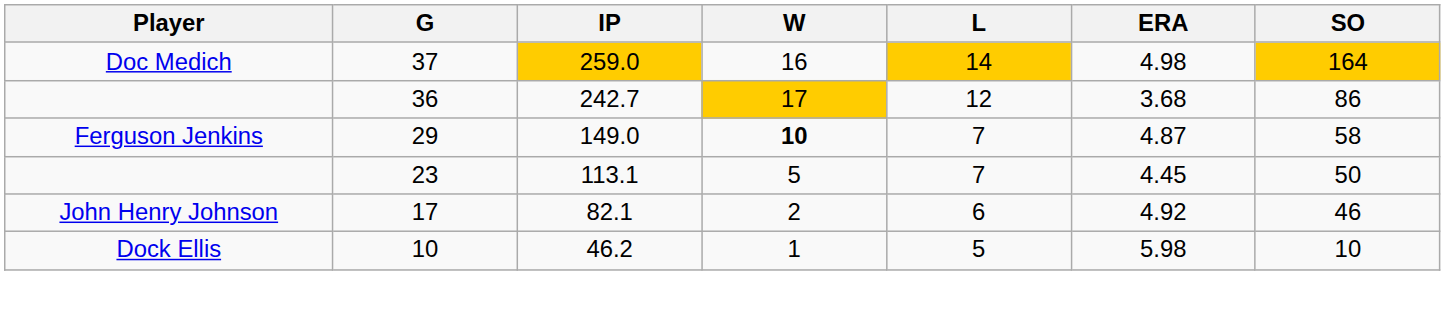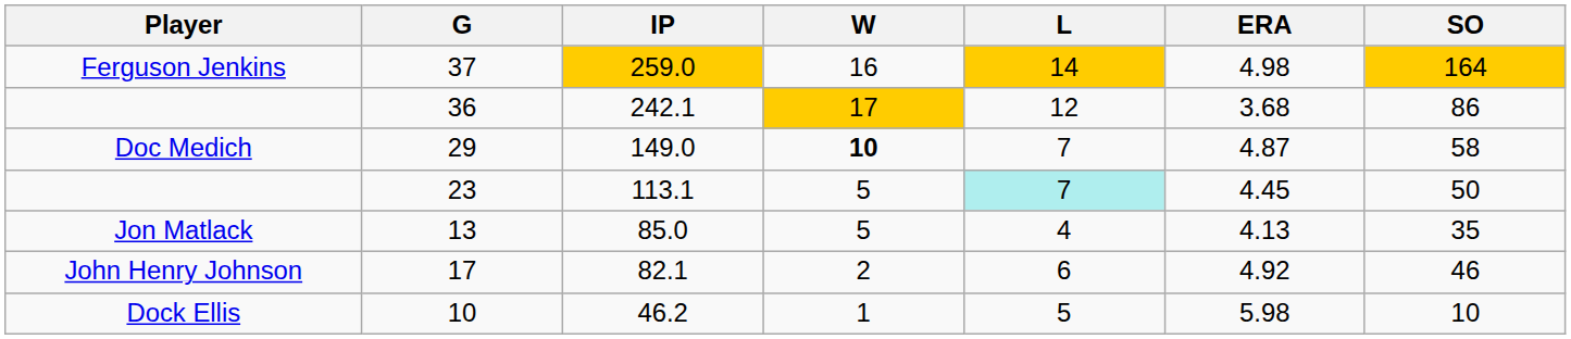 <table class="wikitable sortable">
 <tr>
 <th bgcolor="#DDDDFF" width="16%">Player</th>
 <th bgcolor="#DDDDFF" width="9%">G</th>
 <th bgcolor="#DDDDFF" width="9%">IP</th>
 <th bgcolor="#DDDDFF" width="9%">W</th>
 <th bgcolor="#DDDDFF" width="9%">L</th>
 <th bgcolor="#DDDDFF" width="9%">ERA</th>
 <th bgcolor="#DDDDFF" width="9%">SO</th>
 </tr>
 <tr align="center">
-<td><a href='#'>Doc Medich</a></td>
+<td><a href='#'>Ferguson Jenkins</a></td>
 <td>37</td>
 <td style="background:#fc0;">259.0</td>
 <td>16</td>
 <td style="background:#fc0;">14</td>
 <td>4.98</td>
 <td style="background:#fc0;">164</td>
 </tr>
 <tr align="center">
 <td></td>
 <td>36</td>
-<td>242.7</td>
+<td>242.1</td>
 <td style="background:#fc0;">17</td>
 <td>12</td>
 <td>3.68</td>
 <td>86</td>
 </tr>
 <tr align="center">
-<td><a href='#'>Ferguson Jenkins</a></td>
+<td><a href='#'>Doc Medich</a></td>
 <td>29</td>
 <td>149.0</td>
 <td><strong>10</strong></td>
 <td>7</td>
 <td>4.87</td>
 <td>58</td>
 </tr>
 <tr align="center">
 <td></td>
 <td>23</td>
 <td>113.1</td>
 <td>5</td>
-<td>7</td>
+<td style="background: paleturquoise;">7</td>
 <td>4.45</td>
 <td>50</td>
+</tr>
+<tr align="center">
+<td><a href='#'>Jon Matlack</a></td>
+<td>13</td>
+<td>85.0</td>
+<td>5</td>
+<td>4</td>
+<td>4.13</td>
+<td>35</td>
 </tr>
 <tr align="center">
 <td><a href='#'>John Henry Johnson</a></td>
 <td>17</td>
 <td>82.1</td>
 <td>2</td>
 <td>6</td>
 <td>4.92</td>
 <td>46</td>
 </tr>
 <tr align="center">
 <td><a href='#'>Dock Ellis</a></td>
 <td>10</td>
 <td>46.2</td>
 <td>1</td>
 <td>5</td>
 <td>5.98</td>
 <td>10</td>
 </tr>
 </table>
